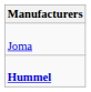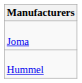 <table class="wikitable">
 <tr>
 <th>Manufacturers</th>
 </tr>
 <tr>
 <td><br> <a href='#'>Joma</a></td>
 </tr>
 <tr>
-<td><strong><br> <a href='#'>Hummel</a></strong></td>
+<td><br> <a href='#'>Hummel</a></td>
 </tr>
 </table>
